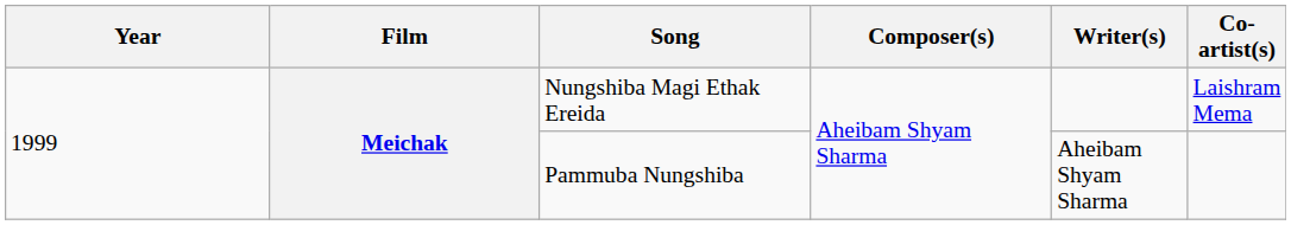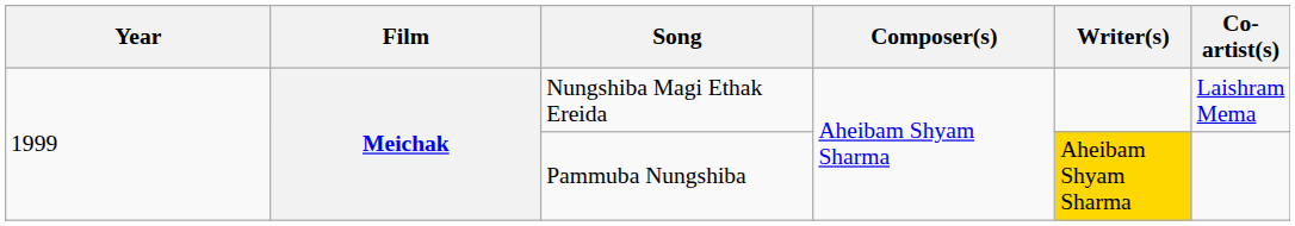 <table class="wikitable plainrowheaders" style="width:100%; textcolor:#000">
 <tr style="background:#b0e0e66;">
 <th scope="col" style="width:23%;"><strong>Year</strong></th>
 <th scope="col" style="width:23%;"><strong>Film</strong></th>
 <th scope="col" style="width:23%;"><strong>Song</strong></th>
 <th scope="col" style="width:20%;"><strong>Composer(s)</strong></th>
 <th scope="col" style="width:16%;"><strong>Writer(s)</strong></th>
 <th scope="col" style="width:18%;"><strong>Co-artist(s)</strong></th>
 </tr>
 <tr>
 <td rowspan=2>1999</td>
 <th Rowspan=2><a href='#'>Meichak</a></th>
 <td>Nungshiba Magi Ethak Ereida</td>
 <td rowspan=2><a href='#'>Aheibam Shyam Sharma</a></td>
 <td></td>
 <td><a href='#'>Laishram Mema</a></td>
 </tr>
 <tr>
 <td>Pammuba Nungshiba</td>
-<td>Aheibam Shyam Sharma</td>
+<td style="background: gold;">Aheibam Shyam Sharma</td>
 <td></td>
 </tr>
 </table>
